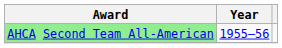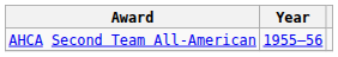 <table class="wikitable">
 <tr>
 <th>Award</th>
 <th>Year</th>
 <th></th>
 </tr>
 <tr>
-<td style="background: lightgreen;"><a href='#'>AHCA</a> <a href='#'>Second Team All-American</a></td>
+<td><a href='#'>AHCA</a> <a href='#'>Second Team All-American</a></td>
 <td><a href='#'>1955–56</a></td>
 <td></td>
 </tr>
 <tr>
 </tr>
 </table>
